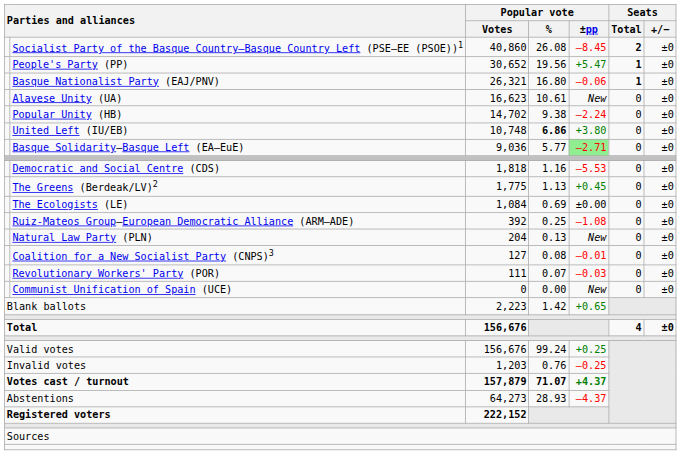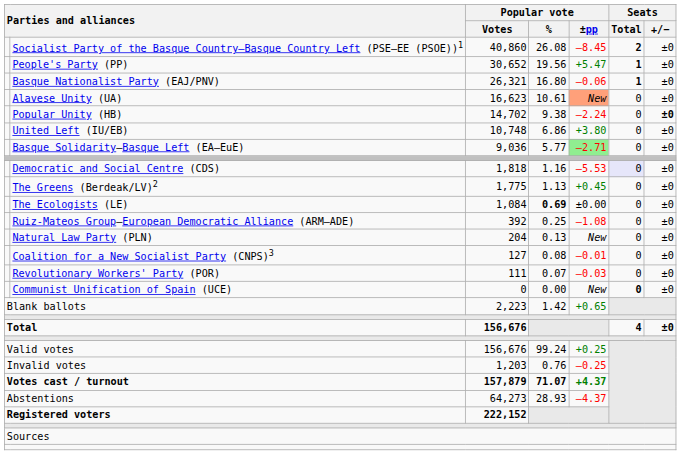 <table class="wikitable" style="text-align:right;">
 <tr>
 <th style="text-align:left;" rowspan="2" colspan="2" width="525">Parties and alliances</th>
 <th colspan="3">Popular vote</th>
 <th colspan="2">Seats</th>
 </tr>
 <tr>
 <th width="75">Votes</th>
 <th width="45">%</th>
 <th width="45">±<a href='#'>pp</a></th>
 <th width="35">Total</th>
 <th width="35">+/−</th>
 </tr>
 <tr>
 <td width="1" style="color:inherit;background:"></td>
 <td align="left"><a href='#'>Socialist Party of the Basque Country–Basque Country Left</a> (PSE–EE (PSOE))<sup>1</sup></td>
 <td>40,860</td>
 <td>26.08</td>
 <td style="color:red;">–8.45</td>
 <td><strong>2</strong></td>
 <td>±0</td>
 </tr>
 <tr>
 <td style="color:inherit;background:"></td>
 <td align="left"><a href='#'>People's Party</a> (PP)</td>
 <td>30,652</td>
 <td>19.56</td>
 <td style="color:green;">+5.47</td>
 <td><strong>1</strong></td>
 <td>±0</td>
 </tr>
 <tr>
 <td style="color:inherit;background:"></td>
 <td align="left"><a href='#'>Basque Nationalist Party</a> (EAJ/PNV)</td>
 <td>26,321</td>
 <td>16.80</td>
 <td style="color:red;">–0.06</td>
 <td><strong>1</strong></td>
 <td>±0</td>
 </tr>
 <tr>
 <td style="color:inherit;background:"></td>
 <td align="left"><a href='#'>Alavese Unity</a> (UA)</td>
 <td>16,623</td>
 <td>10.61</td>
-<td><em>New</em></td>
+<td style="background: lightsalmon;"><em>New</em></td>
 <td>0</td>
 <td>±0</td>
 </tr>
 <tr>
 <td style="color:inherit;background:"></td>
 <td align="left"><a href='#'>Popular Unity</a> (HB)</td>
 <td>14,702</td>
 <td>9.38</td>
 <td style="color:red;">–2.24</td>
 <td>0</td>
-<td>±0</td>
+<td><strong>±0</strong></td>
 </tr>
 <tr>
 <td style="color:inherit;background:"></td>
 <td align="left"><a href='#'>United Left</a> (IU/EB)</td>
 <td>10,748</td>
-<td><strong>6.86</strong></td>
+<td>6.86</td>
 <td style="color:green;">+3.80</td>
 <td>0</td>
 <td>±0</td>
 </tr>
 <tr>
 <td style="color:inherit;background:"></td>
 <td align="left"><a href='#'>Basque Solidarity</a>–<a href='#'>Basque Left</a> (EA–EuE)</td>
 <td>9,036</td>
 <td>5.77</td>
 <td style="background: lightgreen; color:red;">–2.71</td>
 <td>0</td>
 <td>±0</td>
 </tr>
 <tr>
 <td colspan="7" bgcolor="#C0C0C0"></td>
 </tr>
 <tr>
 <td style="color:inherit;background:"></td>
 <td align="left"><a href='#'>Democratic and Social Centre</a> (CDS)</td>
 <td>1,818</td>
 <td>1.16</td>
 <td style="color:red;">–5.53</td>
-<td>0</td>
+<td style="background: lavender;">0</td>
 <td>±0</td>
 </tr>
 <tr>
 <td style="color:inherit;background:"></td>
 <td align="left"><a href='#'>The Greens</a> (Berdeak/LV)<sup>2</sup></td>
 <td>1,775</td>
 <td>1.13</td>
 <td style="color:green;">+0.45</td>
 <td>0</td>
 <td>±0</td>
 </tr>
 <tr>
 <td style="color:inherit;background:"></td>
 <td align="left"><a href='#'>The Ecologists</a> (LE)</td>
 <td>1,084</td>
-<td>0.69</td>
+<td><strong>0.69</strong></td>
 <td>±0.00</td>
 <td>0</td>
 <td>±0</td>
 </tr>
 <tr>
 <td style="color:inherit;background:"></td>
 <td align="left"><a href='#'>Ruiz-Mateos Group</a>–<a href='#'>European Democratic Alliance</a> (ARM–ADE)</td>
 <td>392</td>
 <td>0.25</td>
 <td style="color:red;">–1.08</td>
 <td>0</td>
 <td>±0</td>
 </tr>
 <tr>
 <td style="color:inherit;background:"></td>
 <td align="left"><a href='#'>Natural Law Party</a> (PLN)</td>
 <td>204</td>
 <td>0.13</td>
 <td><em>New</em></td>
 <td>0</td>
 <td>±0</td>
 </tr>
 <tr>
 <td style="color:inherit;background:"></td>
 <td align="left"><a href='#'>Coalition for a New Socialist Party</a> (CNPS)<sup>3</sup></td>
 <td>127</td>
 <td>0.08</td>
 <td style="color:red;">–0.01</td>
 <td>0</td>
 <td>±0</td>
 </tr>
 <tr>
 <td style="color:inherit;background:"></td>
 <td align="left"><a href='#'>Revolutionary Workers' Party</a> (POR)</td>
 <td>111</td>
 <td>0.07</td>
 <td style="color:red;">–0.03</td>
 <td>0</td>
 <td>±0</td>
 </tr>
 <tr>
 <td style="color:inherit;background:"></td>
 <td align="left"><a href='#'>Communist Unification of Spain</a> (UCE)</td>
 <td>0</td>
 <td>0.00</td>
 <td><em>New</em></td>
-<td>0</td>
+<td><strong>0</strong></td>
 <td>±0</td>
 </tr>
 <tr>
 <td align="left" colspan="2">Blank ballots</td>
 <td>2,223</td>
 <td>1.42</td>
 <td style="color:green;">+0.65</td>
 <td bgcolor="#E9E9E9" colspan="2"></td>
 </tr>
 <tr>
 <td colspan="7" bgcolor="#E9E9E9"></td>
 </tr>
 <tr style="font-weight:bold;">
 <td align="left" colspan="2">Total</td>
 <td>156,676</td>
 <td bgcolor="#E9E9E9" colspan="2"></td>
 <td>4</td>
 <td>±0</td>
 </tr>
 <tr>
 <td colspan="7" bgcolor="#E9E9E9"></td>
 </tr>
 <tr>
 <td align="left" colspan="2">Valid votes</td>
 <td>156,676</td>
 <td>99.24</td>
 <td style="color:green;">+0.25</td>
 <td bgcolor="#E9E9E9" colspan="2" rowspan="5"></td>
 </tr>
 <tr>
 <td align="left" colspan="2">Invalid votes</td>
 <td>1,203</td>
 <td>0.76</td>
 <td style="color:red;">–0.25</td>
 </tr>
 <tr style="font-weight:bold;">
 <td align="left" colspan="2">Votes cast / turnout</td>
 <td>157,879</td>
 <td>71.07</td>
 <td style="color:green;">+4.37</td>
 </tr>
 <tr>
 <td align="left" colspan="2">Abstentions</td>
 <td>64,273</td>
 <td>28.93</td>
 <td style="color:red;">–4.37</td>
 </tr>
 <tr style="font-weight:bold;">
 <td align="left" colspan="2">Registered voters</td>
 <td>222,152</td>
 <td bgcolor="#E9E9E9" colspan="2"></td>
 </tr>
 <tr>
 <td colspan="7" bgcolor="#E9E9E9"></td>
 </tr>
 <tr>
 <td align="left" colspan="7">Sources</td>
 </tr>
 <tr>
 <td colspan="7" style="text-align:left; max-width:790px;"></td>
 </tr>
 </table>
